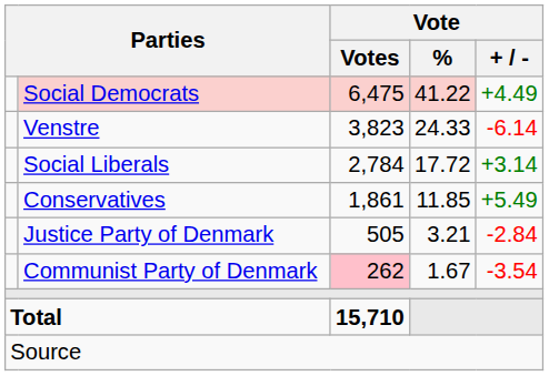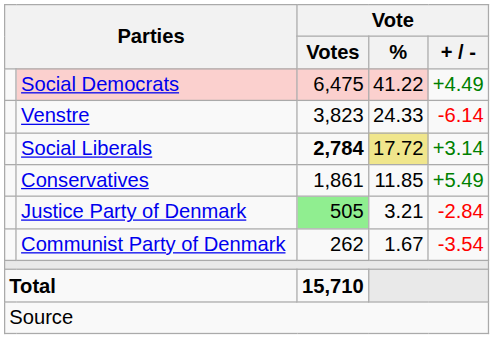 <table class="wikitable" style="text-align:right;">
 <tr>
 <th style="text-align:centre;" rowspan="2" colspan="2" width="225">Parties</th>
 <th colspan="3">Vote</th>
 </tr>
 <tr>
 <th width="15">Votes</th>
 <th width="15">%</th>
 <th width="15">+ / -</th>
 </tr>
 <tr>
 <td width="2" style="color:inherit;background:"></td>
 <td bgcolor=#fbd0ce  align="left"><a href='#'>Social Democrats</a></td>
 <td bgcolor=#fbd0ce>6,475</td>
 <td bgcolor=#fbd0ce>41.22</td>
 <td style=color:green;>+4.49</td>
 </tr>
 <tr>
 <td width="2" style="color:inherit;background:"></td>
 <td align="left"><a href='#'>Venstre</a></td>
 <td>3,823</td>
 <td>24.33</td>
 <td style=color:red;>-6.14</td>
 </tr>
 <tr>
 <td width="2" style="color:inherit;background:"></td>
 <td align="left"><a href='#'>Social Liberals</a></td>
-<td>2,784</td>
-<td>17.72</td>
+<td><strong>2,784</strong></td>
+<td style="background: khaki;">17.72</td>
 <td style=color:green;>+3.14</td>
 </tr>
 <tr>
 <td width="2" style="color:inherit;background:"></td>
 <td align="left"><a href='#'>Conservatives</a></td>
 <td>1,861</td>
 <td>11.85</td>
 <td style=color:green;>+5.49</td>
 </tr>
 <tr>
 <td width="2" style="color:inherit;background:"></td>
 <td align="left"><a href='#'>Justice Party of Denmark</a></td>
-<td>505</td>
+<td style="background: lightgreen;">505</td>
 <td>3.21</td>
 <td style=color:red;>-2.84</td>
 </tr>
 <tr>
 <td width="2" style="color:inherit;background:"></td>
 <td align="left"><a href='#'>Communist Party of Denmark</a></td>
-<td style="background: pink;">262</td>
+<td>262</td>
 <td>1.67</td>
 <td style=color:red;>-3.54</td>
 </tr>
 <tr>
 <td colspan="7" bgcolor="#E9E9E9"></td>
 </tr>
 <tr>
 <td align="left" colspan="2"><strong>Total</strong></td>
 <td><strong>15,710</strong></td>
 <td bgcolor="#E9E9E9" colspan="2"></td>
 </tr>
 <tr>
 <td align="left" colspan="6">Source</td>
 </tr>
 </table>
